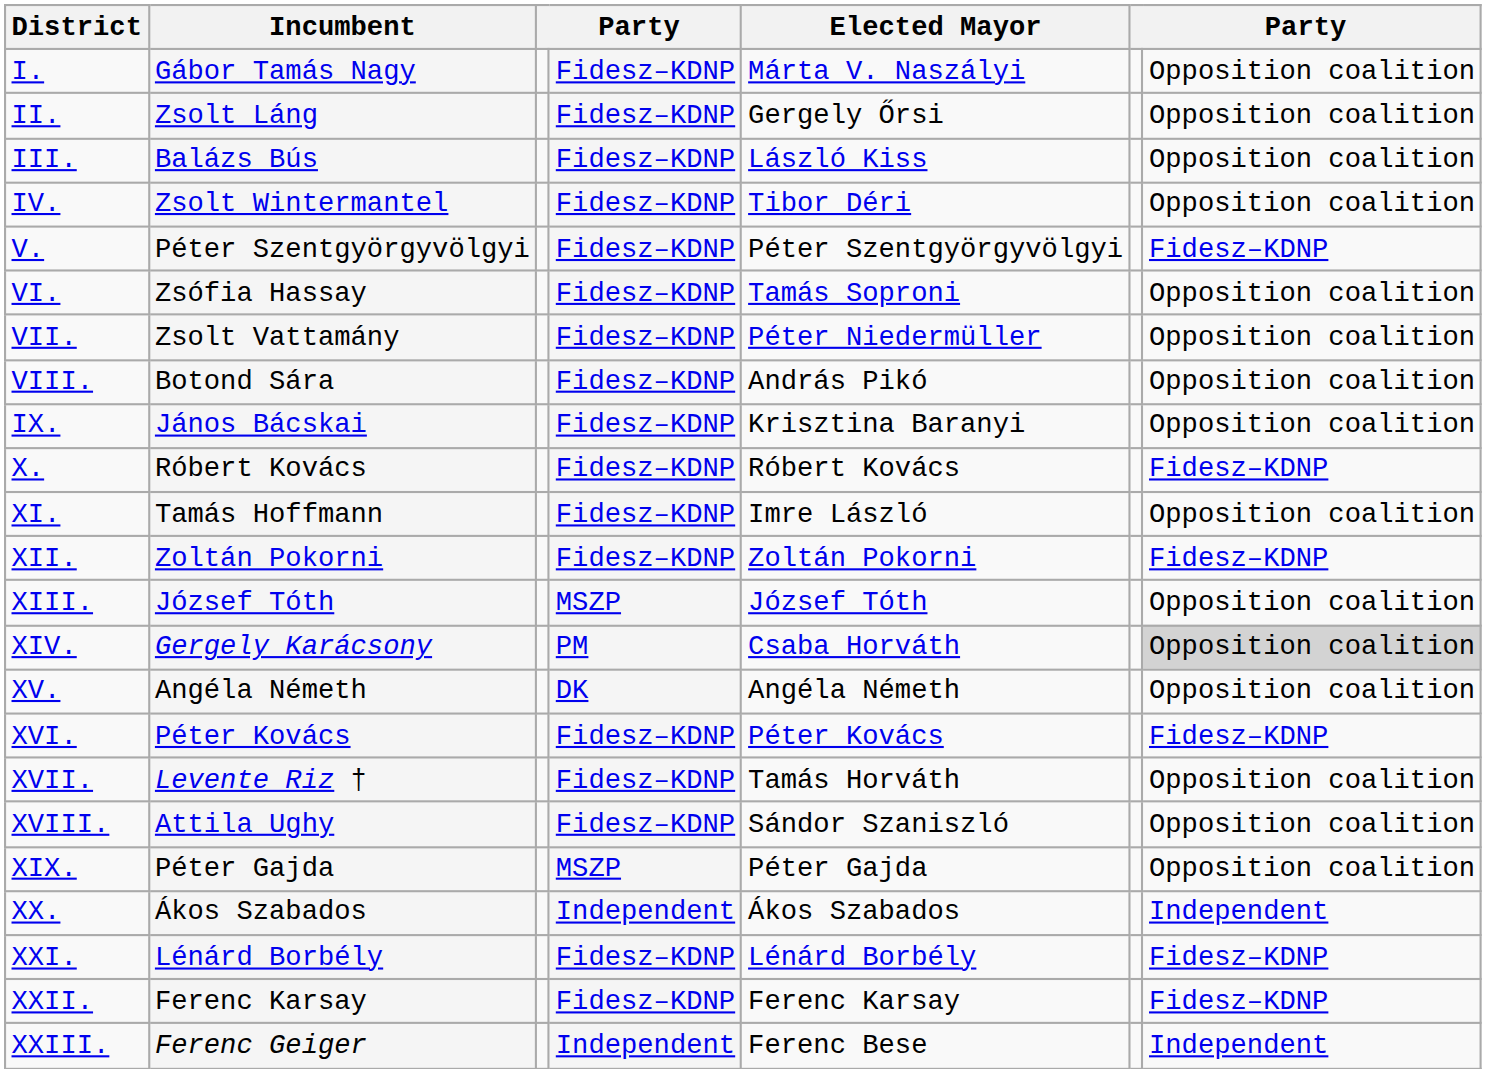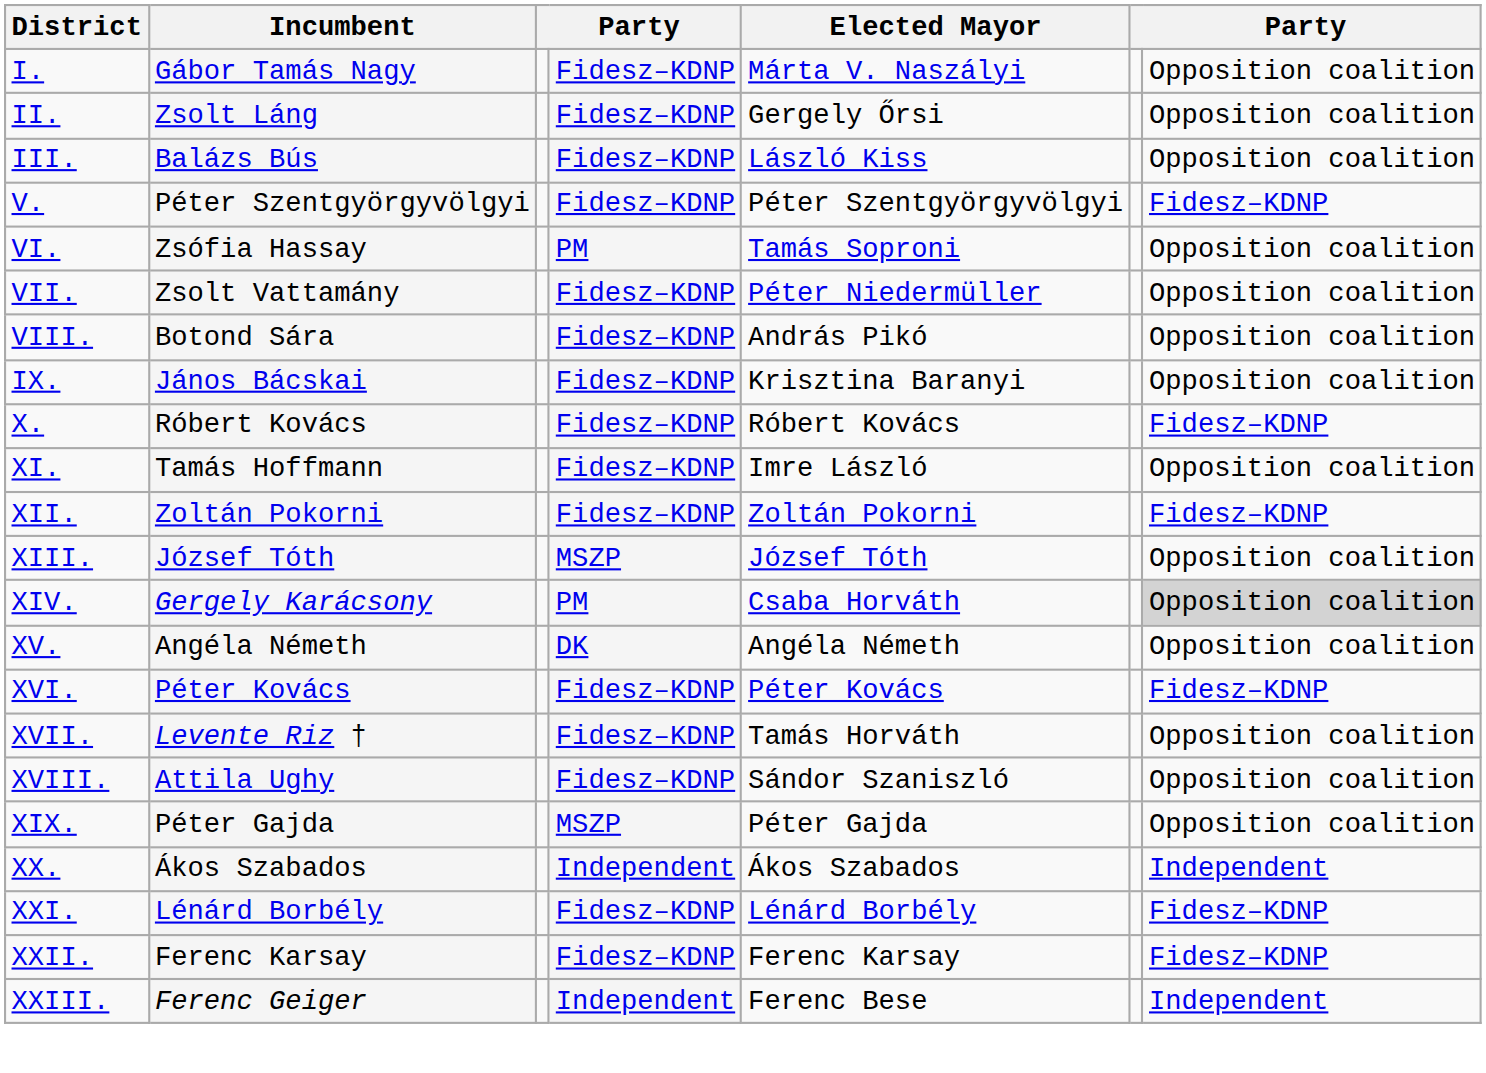 <table class="wikitable">
 <tr>
 <th>District</th>
 <th>Incumbent</th>
 <th colspan=2>Party</th>
 <th>Elected Mayor</th>
 <th colspan=2>Party</th>
 </tr>
 <tr>
 <td><a href='#'>I.</a></td>
 <td style="background:#F5F5F5;"><a href='#'>Gábor Tamás Nagy</a></td>
 <td style="background-color: "></td>
 <td style="background:#F5F5F5;"><a href='#'>Fidesz–KDNP</a></td>
 <td><a href='#'>Márta V. Naszályi</a></td>
 <td style="background-color: "></td>
 <td>Opposition coalition<br></td>
 </tr>
 <tr>
 <td><a href='#'>II.</a></td>
 <td style="background:#F5F5F5;"><a href='#'>Zsolt Láng</a></td>
 <td style="background-color: "></td>
 <td style="background:#F5F5F5;"><a href='#'>Fidesz–KDNP</a></td>
 <td>Gergely Őrsi</td>
 <td style="background-color: "></td>
 <td>Opposition coalition<br></td>
 </tr>
 <tr>
 <td><a href='#'>III.</a></td>
 <td style="background:#F5F5F5;"><a href='#'>Balázs Bús</a></td>
 <td style="background-color: "></td>
 <td style="background:#F5F5F5;"><a href='#'>Fidesz–KDNP</a></td>
 <td><a href='#'>László Kiss</a></td>
 <td style="background-color: "></td>
 <td>Opposition coalition<br></td>
 </tr>
 <tr>
-<td><a href='#'>IV.</a></td>
-<td style="background:#F5F5F5;"><a href='#'>Zsolt Wintermantel</a></td>
-<td style="background-color: "></td>
-<td style="background:#F5F5F5;"><a href='#'>Fidesz–KDNP</a></td>
-<td><a href='#'>Tibor Déri</a></td>
-<td style="background-color: "></td>
-<td>Opposition coalition<br></td>
-</tr>
-<tr>
 <td><a href='#'>V.</a></td>
 <td style="background:#F5F5F5;">Péter Szentgyörgyvölgyi</td>
 <td style="background-color: "></td>
 <td style="background:#F5F5F5;"><a href='#'>Fidesz–KDNP</a></td>
 <td>Péter Szentgyörgyvölgyi</td>
 <td style="background-color: "></td>
 <td><a href='#'>Fidesz–KDNP</a></td>
 </tr>
 <tr>
 <td><a href='#'>VI.</a></td>
 <td style="background:#F5F5F5;">Zsófia Hassay</td>
 <td style="background-color: "></td>
-<td style="background:#F5F5F5;"><a href='#'>Fidesz–KDNP</a></td>
+<td style="background:#F5F5F5;"><a href='#'>PM</a></td>
 <td><a href='#'>Tamás Soproni</a></td>
 <td style="background-color: "></td>
 <td>Opposition coalition<br></td>
 </tr>
 <tr>
 <td><a href='#'>VII.</a></td>
 <td style="background:#F5F5F5;">Zsolt Vattamány</td>
 <td style="background-color: "></td>
 <td style="background:#F5F5F5;"><a href='#'>Fidesz–KDNP</a></td>
 <td><a href='#'>Péter Niedermüller</a></td>
 <td style="background-color: "></td>
 <td>Opposition coalition<br></td>
 </tr>
 <tr>
 <td><a href='#'>VIII.</a></td>
 <td style="background:#F5F5F5;">Botond Sára</td>
 <td style="background-color: "></td>
 <td style="background:#F5F5F5;"><a href='#'>Fidesz–KDNP</a></td>
 <td>András Pikó</td>
 <td style="background-color: "></td>
 <td>Opposition coalition<br></td>
 </tr>
 <tr>
 <td><a href='#'>IX.</a></td>
 <td style="background:#F5F5F5;"><a href='#'>János Bácskai</a></td>
 <td style="background-color: "></td>
 <td style="background:#F5F5F5;"><a href='#'>Fidesz–KDNP</a></td>
 <td>Krisztina Baranyi</td>
 <td style="background-color: "></td>
 <td>Opposition coalition<br></td>
 </tr>
 <tr>
 <td><a href='#'>X.</a></td>
 <td style="background:#F5F5F5;">Róbert Kovács</td>
 <td style="background-color: "></td>
 <td style="background:#F5F5F5;"><a href='#'>Fidesz–KDNP</a></td>
 <td>Róbert Kovács</td>
 <td style="background-color: "></td>
 <td><a href='#'>Fidesz–KDNP</a></td>
 </tr>
 <tr>
 <td><a href='#'>XI.</a></td>
 <td style="background:#F5F5F5;">Tamás Hoffmann</td>
 <td style="background-color: "></td>
 <td style="background:#F5F5F5;"><a href='#'>Fidesz–KDNP</a></td>
 <td>Imre László</td>
 <td style="background-color: "></td>
 <td>Opposition coalition<br></td>
 </tr>
 <tr>
 <td><a href='#'>XII.</a></td>
 <td style="background:#F5F5F5;"><a href='#'>Zoltán Pokorni</a></td>
 <td style="background-color: "></td>
 <td style="background:#F5F5F5;"><a href='#'>Fidesz–KDNP</a></td>
 <td><a href='#'>Zoltán Pokorni</a></td>
 <td style="background-color: "></td>
 <td><a href='#'>Fidesz–KDNP</a></td>
 </tr>
 <tr>
 <td><a href='#'>XIII.</a></td>
 <td style="background:#F5F5F5;"><a href='#'>József Tóth</a></td>
 <td style="background-color: "></td>
 <td style="background:#F5F5F5;"><a href='#'>MSZP</a></td>
 <td><a href='#'>József Tóth</a></td>
 <td style="background-color: "></td>
 <td>Opposition coalition<br></td>
 </tr>
 <tr>
 <td><a href='#'>XIV.</a></td>
 <td style="background:#F5F5F5;"><em><a href='#'>Gergely Karácsony</a></em></td>
 <td style="background-color: "></td>
 <td style="background:#F5F5F5;"><a href='#'>PM</a></td>
 <td><a href='#'>Csaba Horváth</a></td>
 <td style="background-color: "></td>
 <td style="background: lightgrey;">Opposition coalition<br></td>
 </tr>
 <tr>
 <td><a href='#'>XV.</a></td>
 <td style="background:#F5F5F5;">Angéla Németh</td>
 <td style="background-color: "></td>
 <td style="background:#F5F5F5;"><a href='#'>DK</a></td>
 <td>Angéla Németh</td>
 <td style="background-color: "></td>
 <td>Opposition coalition<br></td>
 </tr>
 <tr>
 <td><a href='#'>XVI.</a></td>
 <td style="background:#F5F5F5;"><a href='#'>Péter Kovács</a></td>
 <td style="background-color: "></td>
 <td style="background:#F5F5F5;"><a href='#'>Fidesz–KDNP</a></td>
 <td><a href='#'>Péter Kovács</a></td>
 <td style="background-color: "></td>
 <td><a href='#'>Fidesz–KDNP</a></td>
 </tr>
 <tr>
 <td><a href='#'>XVII.</a></td>
 <td style="background:#F5F5F5;"><em><a href='#'>Levente Riz</a></em> †</td>
 <td style="background-color: "></td>
 <td style="background:#F5F5F5;"><a href='#'>Fidesz–KDNP</a></td>
 <td>Tamás Horváth</td>
 <td style="background-color: "></td>
 <td>Opposition coalition<br></td>
 </tr>
 <tr>
 <td><a href='#'>XVIII.</a></td>
 <td style="background:#F5F5F5;"><a href='#'>Attila Ughy</a></td>
 <td style="background-color: "></td>
 <td style="background:#F5F5F5;"><a href='#'>Fidesz–KDNP</a></td>
 <td>Sándor Szaniszló</td>
 <td style="background-color: "></td>
 <td>Opposition coalition<br></td>
 </tr>
 <tr>
 <td><a href='#'>XIX.</a></td>
 <td style="background:#F5F5F5;">Péter Gajda</td>
 <td style="background-color: "></td>
 <td style="background:#F5F5F5;"><a href='#'>MSZP</a></td>
 <td>Péter Gajda</td>
 <td style="background-color: "></td>
 <td>Opposition coalition<br></td>
 </tr>
 <tr>
 <td><a href='#'>XX.</a></td>
 <td style="background:#F5F5F5;">Ákos Szabados</td>
 <td style="background-color: "></td>
 <td style="background:#F5F5F5;"><a href='#'>Independent</a></td>
 <td>Ákos Szabados</td>
 <td style="background-color: "></td>
 <td><a href='#'>Independent</a></td>
 </tr>
 <tr>
 <td><a href='#'>XXI.</a></td>
 <td style="background:#F5F5F5;"><a href='#'>Lénárd Borbély</a></td>
 <td style="background-color: "></td>
 <td style="background:#F5F5F5;"><a href='#'>Fidesz–KDNP</a></td>
 <td><a href='#'>Lénárd Borbély</a></td>
 <td style="background-color: "></td>
 <td><a href='#'>Fidesz–KDNP</a></td>
 </tr>
 <tr>
 <td><a href='#'>XXII.</a></td>
 <td style="background:#F5F5F5;">Ferenc Karsay</td>
 <td style="background-color: "></td>
 <td style="background:#F5F5F5;"><a href='#'>Fidesz–KDNP</a></td>
 <td>Ferenc Karsay</td>
 <td style="background-color: "></td>
 <td><a href='#'>Fidesz–KDNP</a></td>
 </tr>
 <tr>
 <td><a href='#'>XXIII.</a></td>
 <td style="background:#F5F5F5;"><em>Ferenc Geiger</em></td>
 <td style="background-color: "></td>
 <td style="background:#F5F5F5;"><a href='#'>Independent</a></td>
 <td>Ferenc Bese</td>
 <td style="background-color: "></td>
 <td><a href='#'>Independent</a></td>
 </tr>
 </table>
